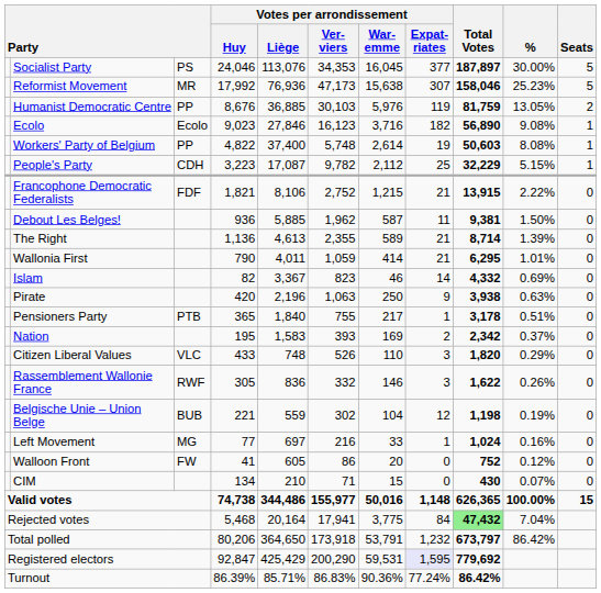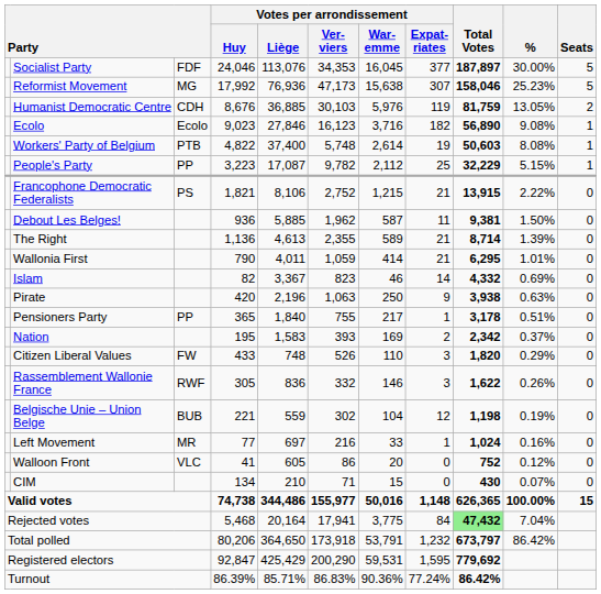 <table class="wikitable" border="1" style="text-align:right;">
 <tr>
 <th style="text-align:left;" valign=bottom rowspan=2 colspan=3>Party</th>
 <th colspan=5>Votes per arrondissement</th>
 <th align=center valign=bottom rowspan=2 width="50">Total Votes</th>
 <th align=center valign=bottom rowspan=2 width="50">%</th>
 <th align=center valign=bottom rowspan=2>Seats</th>
 </tr>
 <tr>
 <th align=center valign=bottom width="50"><a href='#'>Huy</a></th>
 <th align=center valign=bottom width="60"><a href='#'>Liège</a></th>
 <th align=center valign=bottom width="50"><a href='#'>Ver- viers</a></th>
 <th align=center valign=bottom width="50"><a href='#'>War- emme</a></th>
 <th align=center valign=bottom width="50"><a href='#'>Expat- riates</a></th>
 </tr>
 <tr>
 <td></td>
 <td align=left><a href='#'>Socialist Party</a></td>
-<td align=left>PS</td>
+<td align=left>FDF</td>
 <td>24,046</td>
 <td>113,076</td>
 <td>34,353</td>
 <td>16,045</td>
 <td>377</td>
 <td><strong>187,897</strong></td>
 <td>30.00%</td>
 <td>5</td>
 </tr>
 <tr>
 <td></td>
 <td align=left><a href='#'>Reformist Movement</a></td>
-<td align=left>MR</td>
+<td align=left>MG</td>
 <td>17,992</td>
 <td>76,936</td>
 <td>47,173</td>
 <td>15,638</td>
 <td>307</td>
 <td><strong>158,046</strong></td>
 <td>25.23%</td>
 <td>5</td>
 </tr>
 <tr>
 <td></td>
 <td align=left style="white-space: nowrap;"><a href='#'>Humanist Democratic Centre</a></td>
-<td align=left>PP</td>
+<td align=left>CDH</td>
 <td>8,676</td>
 <td>36,885</td>
 <td>30,103</td>
 <td>5,976</td>
 <td>119</td>
 <td><strong>81,759</strong></td>
 <td>13.05%</td>
 <td>2</td>
 </tr>
 <tr>
 <td></td>
 <td align=left><a href='#'>Ecolo</a></td>
 <td align=left>Ecolo</td>
 <td>9,023</td>
 <td>27,846</td>
 <td>16,123</td>
 <td>3,716</td>
 <td>182</td>
 <td><strong>56,890</strong></td>
 <td>9.08%</td>
 <td>1</td>
 </tr>
 <tr>
 <td></td>
 <td align=left><a href='#'>Workers' Party of Belgium</a></td>
-<td align=left>PP</td>
+<td align=left>PTB</td>
 <td>4,822</td>
 <td>37,400</td>
 <td>5,748</td>
 <td>2,614</td>
 <td>19</td>
 <td><strong>50,603</strong></td>
 <td>8.08%</td>
 <td>1</td>
 </tr>
 <tr>
 <td></td>
 <td align=left><a href='#'>People's Party</a></td>
-<td align=left>CDH</td>
+<td align=left>PP</td>
 <td>3,223</td>
 <td>17,087</td>
 <td>9,782</td>
 <td>2,112</td>
 <td>25</td>
 <td><strong>32,229</strong></td>
 <td>5.15%</td>
 <td>1</td>
 </tr>
 <tr style="border-top:3px solid darkgray;">
 <td></td>
 <td align=left><a href='#'>Francophone Democratic Federalists</a></td>
-<td align=left>FDF</td>
+<td align=left>PS</td>
 <td>1,821</td>
 <td>8,106</td>
 <td>2,752</td>
 <td>1,215</td>
 <td>21</td>
 <td><strong>13,915</strong></td>
 <td>2.22%</td>
 <td>0</td>
 </tr>
 <tr>
 <td></td>
 <td align=left><a href='#'>Debout Les Belges!</a></td>
 <td align=left></td>
 <td>936</td>
 <td>5,885</td>
 <td>1,962</td>
 <td>587</td>
 <td>11</td>
 <td><strong>9,381</strong></td>
 <td>1.50%</td>
 <td>0</td>
 </tr>
 <tr>
 <td></td>
 <td align=left>The Right</td>
 <td align=left></td>
 <td>1,136</td>
 <td>4,613</td>
 <td>2,355</td>
 <td>589</td>
 <td>21</td>
 <td><strong>8,714</strong></td>
 <td>1.39%</td>
 <td>0</td>
 </tr>
 <tr>
 <td></td>
 <td align=left>Wallonia First</td>
 <td align=left></td>
 <td>790</td>
 <td>4,011</td>
 <td>1,059</td>
 <td>414</td>
 <td>21</td>
 <td><strong>6,295</strong></td>
 <td>1.01%</td>
 <td>0</td>
 </tr>
 <tr>
 <td></td>
 <td align=left><a href='#'>Islam</a></td>
 <td align=left></td>
 <td>82</td>
 <td>3,367</td>
 <td>823</td>
 <td>46</td>
 <td>14</td>
 <td><strong>4,332</strong></td>
 <td>0.69%</td>
 <td>0</td>
 </tr>
 <tr>
 <td></td>
 <td align=left>Pirate</td>
 <td align=left></td>
 <td>420</td>
 <td>2,196</td>
 <td>1,063</td>
 <td>250</td>
 <td>9</td>
 <td><strong>3,938</strong></td>
 <td>0.63%</td>
 <td>0</td>
 </tr>
 <tr>
 <td></td>
 <td align=left>Pensioners Party</td>
-<td align=left>PTB</td>
+<td align=left>PP</td>
 <td>365</td>
 <td>1,840</td>
 <td>755</td>
 <td>217</td>
 <td>1</td>
 <td><strong>3,178</strong></td>
 <td>0.51%</td>
 <td>0</td>
 </tr>
 <tr>
 <td></td>
 <td align=left><a href='#'>Nation</a></td>
 <td align=left></td>
 <td>195</td>
 <td>1,583</td>
 <td>393</td>
 <td>169</td>
 <td>2</td>
 <td><strong>2,342</strong></td>
 <td>0.37%</td>
 <td>0</td>
 </tr>
 <tr>
 <td></td>
 <td align=left>Citizen Liberal Values</td>
-<td align=left>VLC</td>
+<td align=left>FW</td>
 <td>433</td>
 <td>748</td>
 <td>526</td>
 <td>110</td>
 <td>3</td>
 <td><strong>1,820</strong></td>
 <td>0.29%</td>
 <td>0</td>
 </tr>
 <tr>
 <td></td>
 <td align=left><a href='#'>Rassemblement Wallonie France</a></td>
 <td align=left>RWF</td>
 <td>305</td>
 <td>836</td>
 <td>332</td>
 <td>146</td>
 <td>3</td>
 <td><strong>1,622</strong></td>
 <td>0.26%</td>
 <td>0</td>
 </tr>
 <tr>
 <td></td>
 <td align=left><a href='#'>Belgische Unie – Union Belge</a></td>
 <td align=left>BUB</td>
 <td>221</td>
 <td>559</td>
 <td>302</td>
 <td>104</td>
 <td>12</td>
 <td><strong>1,198</strong></td>
 <td>0.19%</td>
 <td>0</td>
 </tr>
 <tr>
 <td></td>
 <td align=left>Left Movement</td>
-<td align=left>MG</td>
+<td align=left>MR</td>
 <td>77</td>
 <td>697</td>
 <td>216</td>
 <td>33</td>
 <td>1</td>
 <td><strong>1,024</strong></td>
 <td>0.16%</td>
 <td>0</td>
 </tr>
 <tr>
 <td></td>
 <td align=left>Walloon Front</td>
-<td align=left>FW</td>
+<td align=left>VLC</td>
 <td>41</td>
 <td>605</td>
 <td>86</td>
 <td>20</td>
 <td>0</td>
 <td><strong>752</strong></td>
 <td>0.12%</td>
 <td>0</td>
 </tr>
 <tr>
 <td></td>
 <td align=left>CIM</td>
 <td align=left></td>
 <td>134</td>
 <td>210</td>
 <td>71</td>
 <td>15</td>
 <td>0</td>
 <td><strong>430</strong></td>
 <td>0.07%</td>
 <td>0</td>
 </tr>
 <tr style="font-weight:bold">
 <td align=left colspan=3>Valid votes</td>
 <td>74,738</td>
 <td>344,486</td>
 <td>155,977</td>
 <td>50,016</td>
 <td>1,148</td>
 <td>626,365</td>
 <td>100.00%</td>
 <td>15</td>
 </tr>
 <tr>
 <td align=left colspan=3>Rejected votes</td>
 <td>5,468</td>
 <td>20,164</td>
 <td>17,941</td>
 <td>3,775</td>
 <td>84</td>
 <td style="background: lightgreen;"><strong>47,432</strong></td>
 <td>7.04%</td>
 <td></td>
 </tr>
 <tr>
 <td align=left colspan=3>Total polled</td>
 <td>80,206</td>
 <td>364,650</td>
 <td>173,918</td>
 <td>53,791</td>
 <td>1,232</td>
 <td><strong>673,797</strong></td>
 <td>86.42%</td>
 <td></td>
 </tr>
 <tr>
 <td align=left colspan=3>Registered electors</td>
 <td>92,847</td>
 <td>425,429</td>
 <td>200,290</td>
 <td>59,531</td>
-<td style="background: lavender;">1,595</td>
+<td>1,595</td>
 <td><strong>779,692</strong></td>
 <td></td>
 <td></td>
 </tr>
 <tr>
 <td align=left colspan=3>Turnout</td>
 <td>86.39%</td>
 <td>85.71%</td>
 <td>86.83%</td>
 <td>90.36%</td>
 <td>77.24%</td>
 <td><strong>86.42%</strong></td>
 <td></td>
 <td></td>
 </tr>
 </table>
